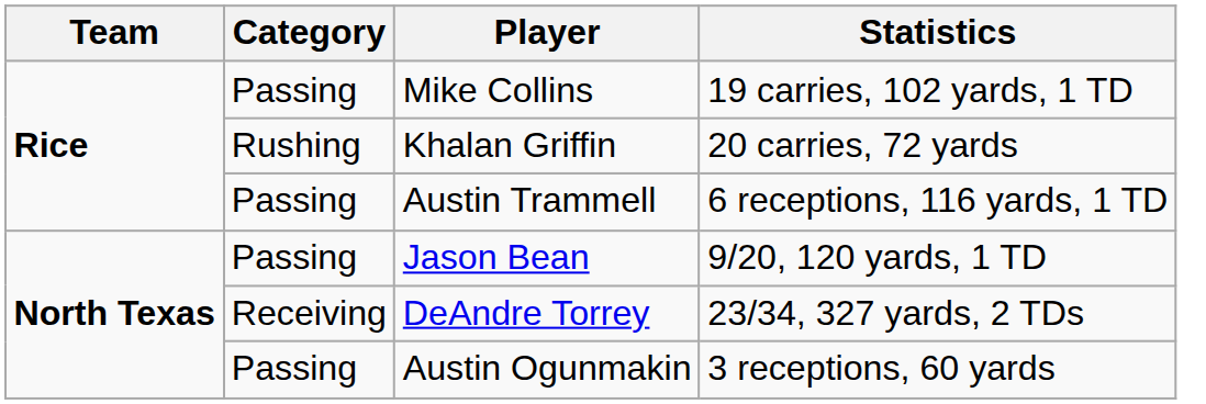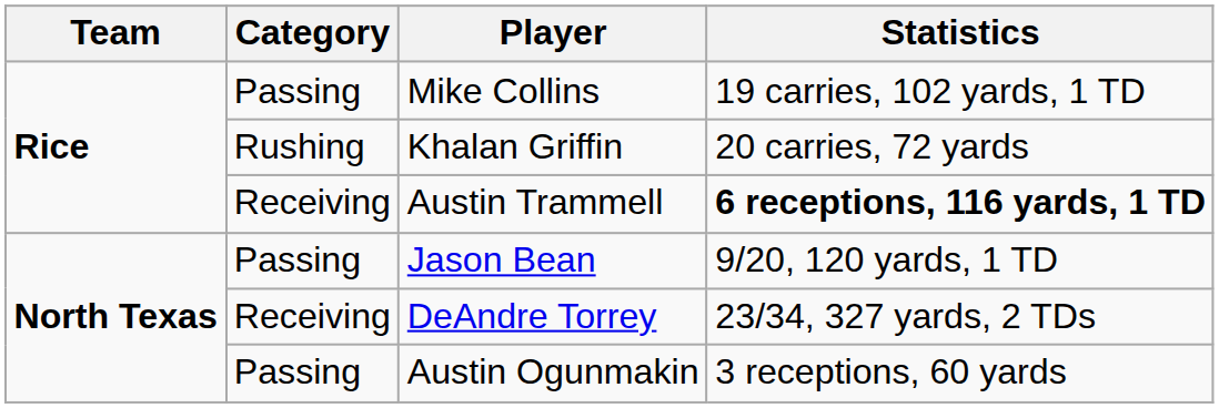 <table class="wikitable" style="float: left;">
 <tr>
 <th>Team</th>
 <th>Category</th>
 <th>Player</th>
 <th>Statistics</th>
 </tr>
 <tr>
 <td rowspan=3><strong>Rice</strong></td>
 <td>Passing</td>
 <td>Mike Collins</td>
 <td>19 carries, 102 yards, 1 TD</td>
 </tr>
 <tr>
 <td>Rushing</td>
 <td>Khalan Griffin</td>
 <td>20 carries, 72 yards</td>
 </tr>
 <tr>
-<td>Passing</td>
+<td>Receiving</td>
 <td>Austin Trammell</td>
-<td>6 receptions, 116 yards, 1 TD</td>
+<td><strong>6 receptions, 116 yards, 1 TD</strong></td>
 </tr>
 <tr>
 <td rowspan=3><strong>North Texas</strong></td>
 <td>Passing</td>
 <td><a href='#'>Jason Bean</a></td>
 <td>9/20, 120 yards, 1 TD</td>
 </tr>
 <tr>
 <td>Receiving</td>
 <td><a href='#'>DeAndre Torrey</a></td>
 <td>23/34, 327 yards, 2 TDs</td>
 </tr>
 <tr>
 <td>Passing</td>
 <td>Austin Ogunmakin</td>
 <td>3 receptions, 60 yards</td>
 </tr>
 </table>
